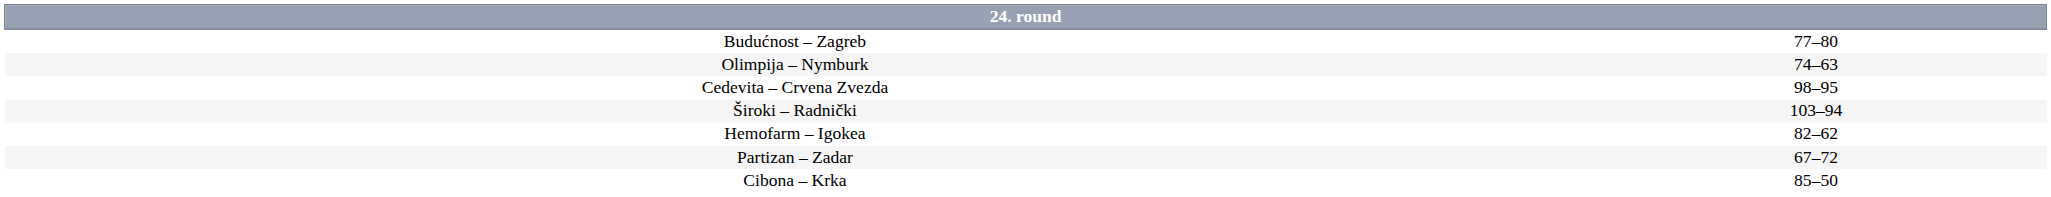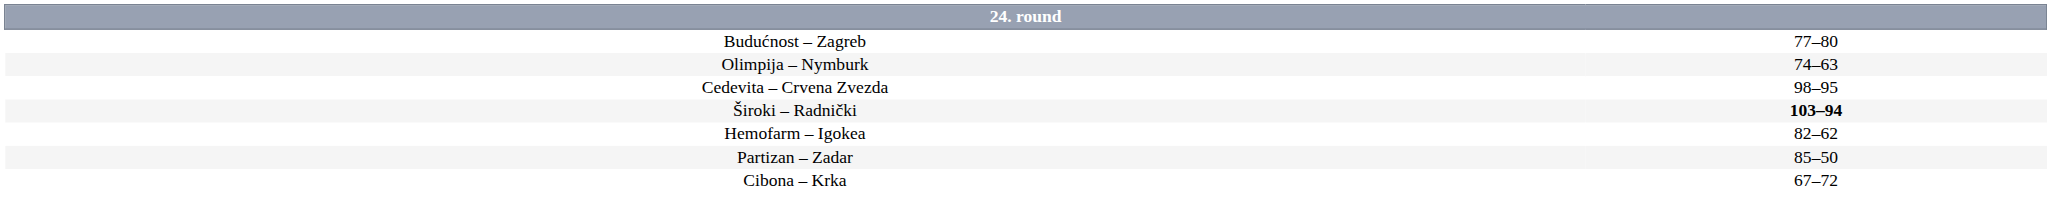 <table border=0 cellspacing=0 cellpadding=1em style="font-size: 85%; border-collapse: collapse;" width=100%>
 <tr>
 <td colspan=5 bgcolor=#98A1B2 style="border:1px solid #7A8392; text-align:center; color:#FFFFFF;"><strong>24. round</strong></td>
 </tr>
 <tr align=center bgcolor=#FFFFFF>
 <td>Budućnost – Zagreb</td>
 <td>77–80</td>
 </tr>
 <tr align=center bgcolor=#f5f5f5>
 <td>Olimpija – Nymburk</td>
 <td>74–63</td>
 </tr>
 <tr align=center bgcolor=#FFFFFF>
 <td>Cedevita – Crvena Zvezda</td>
 <td>98–95</td>
 </tr>
 <tr align=center bgcolor=#f5f5f5>
 <td>Široki – Radnički</td>
-<td>103–94</td>
+<td><strong>103–94</strong></td>
 </tr>
 <tr align=center bgcolor=#FFFFFF>
 <td>Hemofarm – Igokea</td>
 <td>82–62</td>
 </tr>
 <tr align=center bgcolor=#f5f5f5>
 <td>Partizan – Zadar</td>
-<td>67–72</td>
+<td>85–50</td>
 </tr>
 <tr align=center bgcolor=#FFFFFF>
 <td>Cibona – Krka</td>
-<td>85–50</td>
+<td>67–72</td>
 </tr>
 </table>
